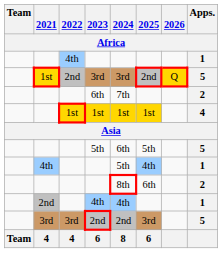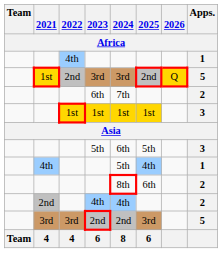 <table class="wikitable" style="text-align:center; font-size:90%">
 <tr valign="top">
 <th>Team</th>
 <th><br><a href='#'>2021</a></th>
 <th><br><a href='#'>2022</a></th>
 <th><br><a href='#'>2023</a></th>
 <th><br><a href='#'>2024</a></th>
 <th><br><a href='#'>2025</a></th>
 <th><br><a href='#'>2026</a></th>
 <th>Apps.</th>
 </tr>
 <tr>
 <th colspan=8><a href='#'>Africa</a></th>
 </tr>
 <tr>
 <td align="left"></td>
 <td></td>
 <td bgcolor=9acdff>4th</td>
 <td></td>
 <td></td>
 <td></td>
 <td></td>
 <th>1</th>
 </tr>
 <tr>
 <td align="left"></td>
 <td style="border:3px solid red" bgcolor=Gold>1st</td>
 <td bgcolor=Silver>2nd</td>
 <td bgcolor=cc9966>3rd</td>
 <td bgcolor=cc9966>3rd</td>
 <td style="border:3px solid red" bgcolor=Silver>2nd</td>
 <td style="background: gold; border:3px solid red">Q</td>
 <th>5</th>
 </tr>
 <tr>
 <td align="left"></td>
 <td></td>
 <td></td>
 <td>6th</td>
 <td>7th</td>
 <td></td>
 <td></td>
 <th>2</th>
 </tr>
 <tr>
 <td align="left"></td>
 <td></td>
 <td style="border:3px solid red" bgcolor=Gold>1st</td>
 <td bgcolor=Gold>1st</td>
 <td bgcolor=Gold>1st</td>
 <td bgcolor=Gold>1st</td>
 <td></td>
-<th>4</th>
+<th>3</th>
 </tr>
 <tr>
 <th colspan=8><a href='#'>Asia</a></th>
 </tr>
 <tr>
 <td align="left"></td>
 <td></td>
 <td></td>
 <td>5th</td>
 <td>6th</td>
 <td>5th</td>
 <td></td>
-<th>5</th>
+<th>3</th>
 </tr>
 <tr>
 <td align="left"></td>
 <td bgcolor=9acdff>4th</td>
 <td></td>
 <td></td>
 <td>5th</td>
 <td bgcolor=9acdff>4th</td>
 <td></td>
 <th>1</th>
 </tr>
 <tr>
 <td align="left"></td>
 <td></td>
 <td></td>
 <td></td>
 <td style="border:3px solid red">8th</td>
 <td>6th</td>
 <td></td>
 <th>2</th>
 </tr>
 <tr>
 <td align="left"></td>
 <td bgcolor=Silver>2nd</td>
 <td></td>
 <td bgcolor=9acdff>4th</td>
 <td bgcolor=9acdff>4th</td>
 <td></td>
 <td></td>
-<th>1</th>
+<th>2</th>
 </tr>
 <tr>
 <td align="left"></td>
 <td bgcolor=#cc9966>3rd</td>
 <td bgcolor=cc9966>3rd</td>
 <td style="border:3px solid red" bgcolor=Silver>2nd</td>
 <td bgcolor=Silver>2nd</td>
 <td bgcolor=cc9966>3rd</td>
 <td></td>
 <th>5</th>
 </tr>
 <tr valign="top">
 <th>Team</th>
 <th>4</th>
 <th>4</th>
 <th>6</th>
 <th>8</th>
 <th>6</th>
 <th></th>
 <th></th>
 </tr>
 </table>
